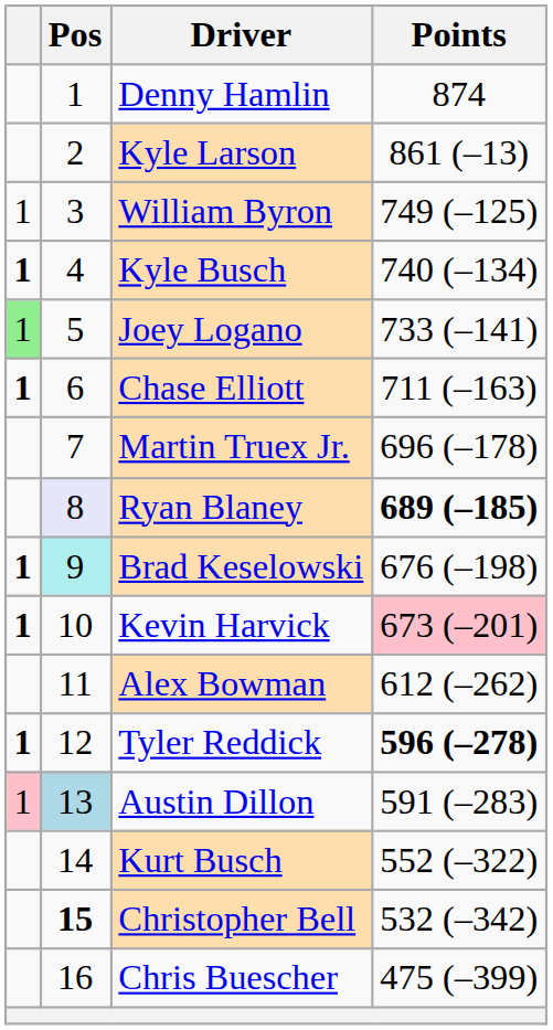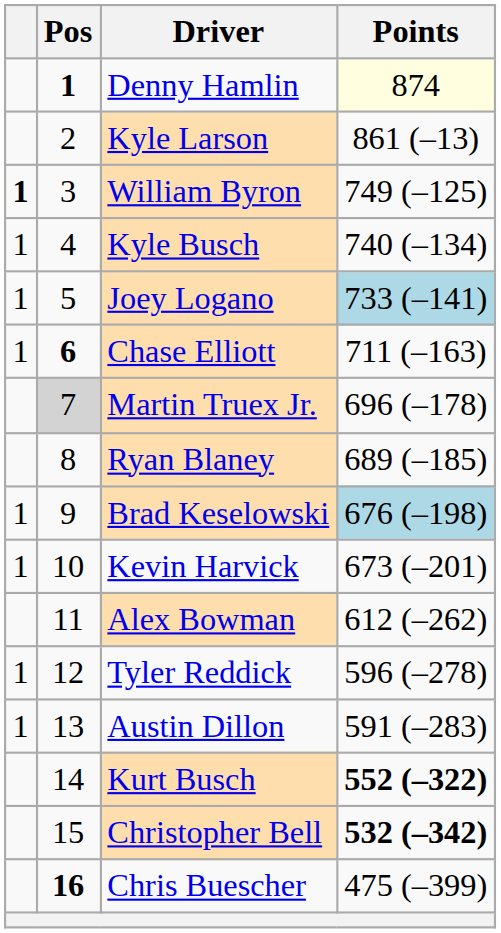 <table class="wikitable" style="font-size: 95%">
 <tr>
 <th></th>
 <th>Pos</th>
 <th>Driver</th>
 <th>Points</th>
 </tr>
 <tr>
 <td align="left"></td>
-<td style="text-align:center;">1</td>
+<td style="text-align:center;"><strong>1</strong></td>
 <td><a href='#'>Denny Hamlin</a></td>
-<td style="text-align:center;">874</td>
+<td style="background: lightyellow; text-align:center;">874</td>
 </tr>
 <tr>
 <td align="left"></td>
 <td style="text-align:center;">2</td>
 <td style="background:#FFDEAD;"><a href='#'>Kyle Larson</a></td>
 <td style="text-align:center;">861 (–13)</td>
 </tr>
 <tr>
-<td align="left"> 1</td>
+<td align="left"><strong> 1</strong></td>
 <td style="text-align:center;">3</td>
 <td style="background:#FFDEAD;"><a href='#'>William Byron</a></td>
 <td style="text-align:center;">749 (–125)</td>
 </tr>
 <tr>
-<td align="left"><strong> 1</strong></td>
+<td align="left"> 1</td>
 <td style="text-align:center;">4</td>
 <td style="background:#FFDEAD;"><a href='#'>Kyle Busch</a></td>
 <td style="text-align:center;">740 (–134)</td>
 </tr>
 <tr>
-<td align="left" style="background: lightgreen;"> 1</td>
+<td align="left"> 1</td>
 <td style="text-align:center;">5</td>
 <td style="background:#FFDEAD;"><a href='#'>Joey Logano</a></td>
-<td style="text-align:center;">733 (–141)</td>
+<td style="background: lightblue; text-align:center;">733 (–141)</td>
 </tr>
 <tr>
-<td align="left"><strong> 1</strong></td>
-<td style="text-align:center;">6</td>
+<td align="left"> 1</td>
+<td style="text-align:center;"><strong>6</strong></td>
 <td style="background:#FFDEAD;"><a href='#'>Chase Elliott</a></td>
 <td style="text-align:center;">711 (–163)</td>
 </tr>
 <tr>
 <td align="left"></td>
-<td style="text-align:center;">7</td>
+<td style="background: lightgrey; text-align:center;">7</td>
 <td style="background:#FFDEAD;"><a href='#'>Martin Truex Jr.</a></td>
 <td style="text-align:center;">696 (–178)</td>
 </tr>
 <tr>
 <td align="left"></td>
-<td style="background: lavender; text-align:center;">8</td>
+<td style="text-align:center;">8</td>
 <td style="background:#FFDEAD;"><a href='#'>Ryan Blaney</a></td>
-<td style="text-align:center;"><strong>689 (–185)</strong></td>
+<td style="text-align:center;">689 (–185)</td>
 </tr>
 <tr>
-<td align="left"><strong> 1</strong></td>
-<td style="background: paleturquoise; text-align:center;">9</td>
+<td align="left"> 1</td>
+<td style="text-align:center;">9</td>
 <td style="background:#FFDEAD;"><a href='#'>Brad Keselowski</a></td>
-<td style="text-align:center;">676 (–198)</td>
+<td style="background: lightblue; text-align:center;">676 (–198)</td>
 </tr>
 <tr>
-<td align="left"><strong> 1</strong></td>
+<td align="left"> 1</td>
 <td style="text-align:center;">10</td>
 <td><a href='#'>Kevin Harvick</a></td>
-<td style="background: pink; text-align:center;">673 (–201)</td>
+<td style="text-align:center;">673 (–201)</td>
 </tr>
 <tr>
 <td align="left"></td>
 <td style="text-align:center;">11</td>
 <td style="background:#FFDEAD;"><a href='#'>Alex Bowman</a></td>
 <td style="text-align:center;">612 (–262)</td>
 </tr>
 <tr>
-<td align="left"><strong> 1</strong></td>
+<td align="left"> 1</td>
 <td style="text-align:center;">12</td>
 <td><a href='#'>Tyler Reddick</a></td>
-<td style="text-align:center;"><strong>596 (–278)</strong></td>
+<td style="text-align:center;">596 (–278)</td>
 </tr>
 <tr>
-<td align="left" style="background: pink;"> 1</td>
-<td style="background: lightblue; text-align:center;">13</td>
+<td align="left"> 1</td>
+<td style="text-align:center;">13</td>
 <td><a href='#'>Austin Dillon</a></td>
 <td style="text-align:center;">591 (–283)</td>
 </tr>
 <tr>
 <td align="left"></td>
 <td style="text-align:center;">14</td>
 <td style="background:#FFDEAD;"><a href='#'>Kurt Busch</a></td>
-<td style="text-align:center;">552 (–322)</td>
+<td style="text-align:center;"><strong>552 (–322)</strong></td>
 </tr>
 <tr>
 <td align="left"></td>
-<td style="text-align:center;"><strong>15</strong></td>
+<td style="text-align:center;">15</td>
 <td style="background:#FFDEAD;"><a href='#'>Christopher Bell</a></td>
-<td style="text-align:center;">532 (–342)</td>
+<td style="text-align:center;"><strong>532 (–342)</strong></td>
 </tr>
 <tr>
 <td align="left"></td>
-<td style="text-align:center;">16</td>
+<td style="text-align:center;"><strong>16</strong></td>
 <td><a href='#'>Chris Buescher</a></td>
 <td style="text-align:center;">475 (–399)</td>
 </tr>
 <tr class="sortbottom">
 <th colspan="9"></th>
 </tr>
 </table>
